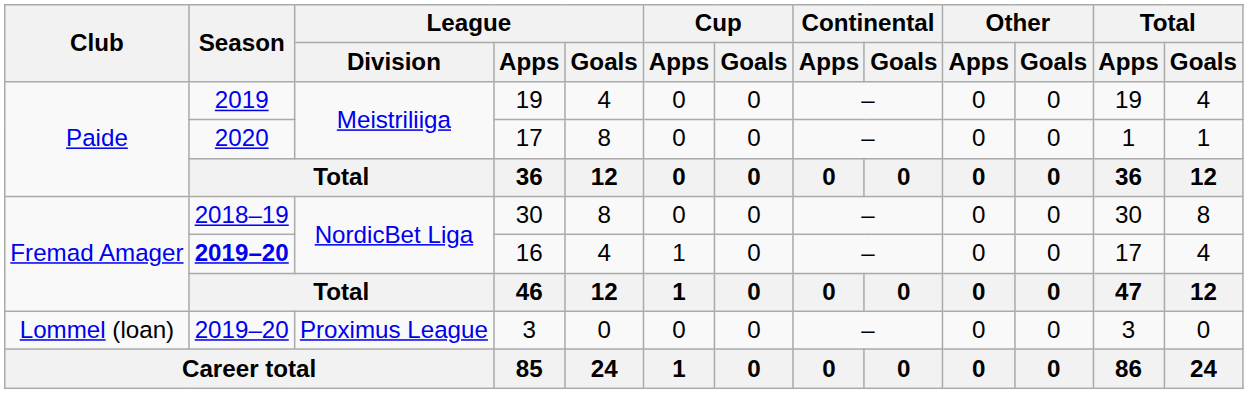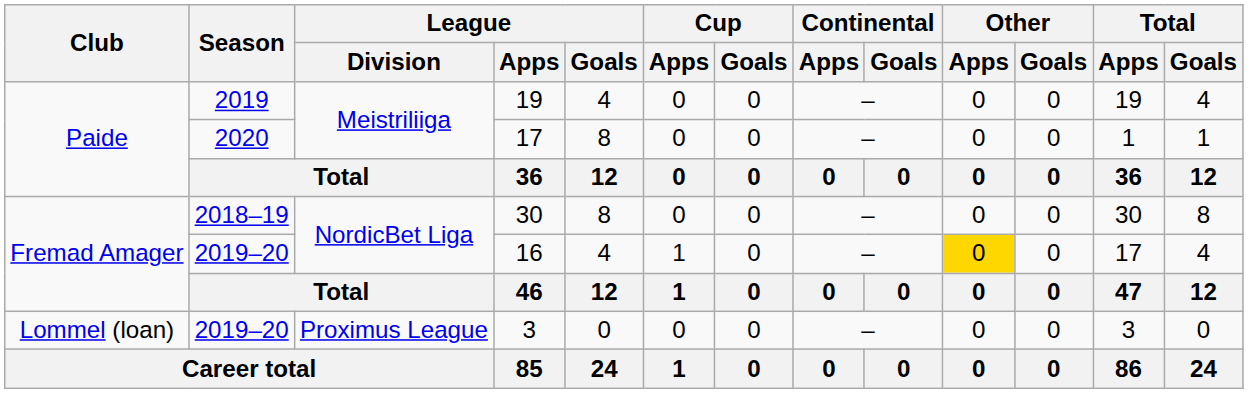 <table class="wikitable" style="text-align: center">
 <tr>
 <th rowspan="2">Club</th>
 <th rowspan="2">Season</th>
 <th colspan="3">League</th>
 <th colspan="2">Cup</th>
 <th colspan="2">Continental</th>
 <th colspan="2">Other</th>
 <th colspan="2">Total</th>
 </tr>
 <tr>
 <th>Division</th>
 <th>Apps</th>
 <th>Goals</th>
 <th>Apps</th>
 <th>Goals</th>
 <th>Apps</th>
 <th>Goals</th>
 <th>Apps</th>
 <th>Goals</th>
 <th>Apps</th>
 <th>Goals</th>
 </tr>
 <tr>
 <td rowspan="3"><a href='#'>Paide</a></td>
 <td><a href='#'>2019</a></td>
 <td rowspan="2"><a href='#'>Meistriliiga</a></td>
 <td>19</td>
 <td>4</td>
 <td>0</td>
 <td>0</td>
 <td colspan="2">–</td>
 <td>0</td>
 <td>0</td>
 <td>19</td>
 <td>4</td>
 </tr>
 <tr>
 <td><a href='#'>2020</a></td>
 <td>17</td>
 <td>8</td>
 <td>0</td>
 <td>0</td>
 <td colspan="2">–</td>
 <td>0</td>
 <td>0</td>
 <td>1</td>
 <td>1</td>
 </tr>
 <tr>
 <th colspan=2>Total</th>
 <th>36</th>
 <th>12</th>
 <th>0</th>
 <th>0</th>
 <th>0</th>
 <th>0</th>
 <th>0</th>
 <th>0</th>
 <th>36</th>
 <th>12</th>
 </tr>
 <tr>
 <td rowspan="3"><a href='#'>Fremad Amager</a></td>
 <td><a href='#'>2018–19</a></td>
 <td rowspan="2"><a href='#'>NordicBet Liga</a></td>
 <td>30</td>
 <td>8</td>
 <td>0</td>
 <td>0</td>
 <td colspan="2">–</td>
 <td>0</td>
 <td>0</td>
 <td>30</td>
 <td>8</td>
 </tr>
 <tr>
-<td><strong><a href='#'>2019–20</a></strong></td>
+<td><a href='#'>2019–20</a></td>
 <td>16</td>
 <td>4</td>
 <td>1</td>
 <td>0</td>
 <td colspan="2">–</td>
-<td>0</td>
+<td style="background: gold;">0</td>
 <td>0</td>
 <td>17</td>
 <td>4</td>
 </tr>
 <tr>
 <th colspan=2>Total</th>
 <th>46</th>
 <th>12</th>
 <th>1</th>
 <th>0</th>
 <th>0</th>
 <th>0</th>
 <th>0</th>
 <th>0</th>
 <th>47</th>
 <th>12</th>
 </tr>
 <tr>
 <td><a href='#'>Lommel</a> (loan)</td>
 <td><a href='#'>2019–20</a></td>
 <td><a href='#'>Proximus League</a></td>
 <td>3</td>
 <td>0</td>
 <td>0</td>
 <td>0</td>
 <td colspan="2">–</td>
 <td>0</td>
 <td>0</td>
 <td>3</td>
 <td>0</td>
 </tr>
 <tr>
 <th colspan=3>Career total</th>
 <th>85</th>
 <th>24</th>
 <th>1</th>
 <th>0</th>
 <th>0</th>
 <th>0</th>
 <th>0</th>
 <th>0</th>
 <th>86</th>
 <th>24</th>
 </tr>
 </table>
